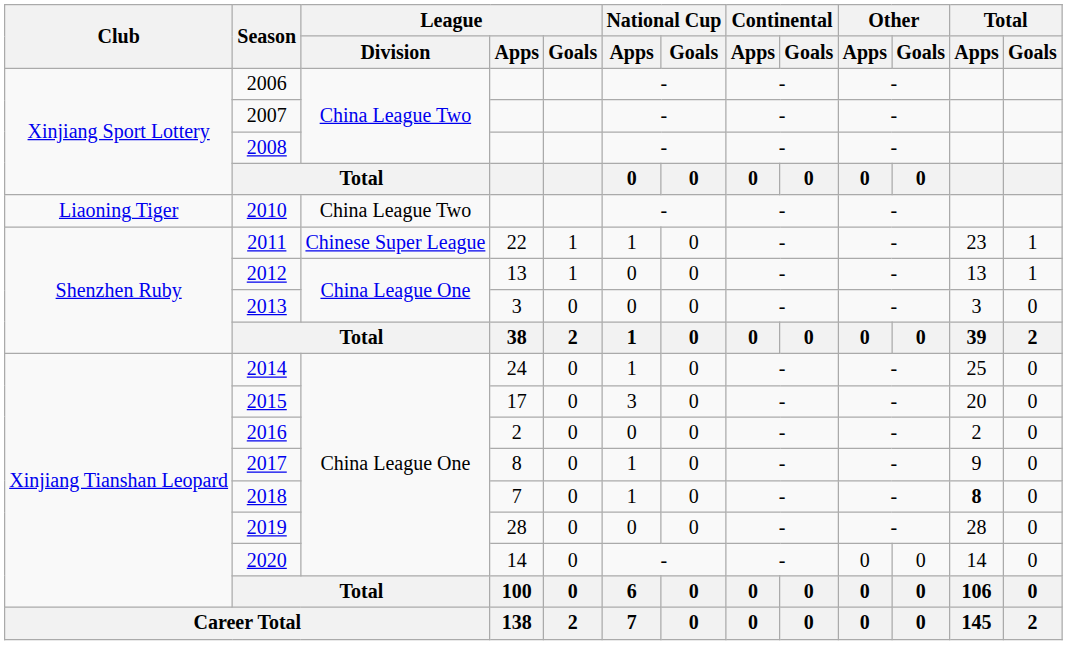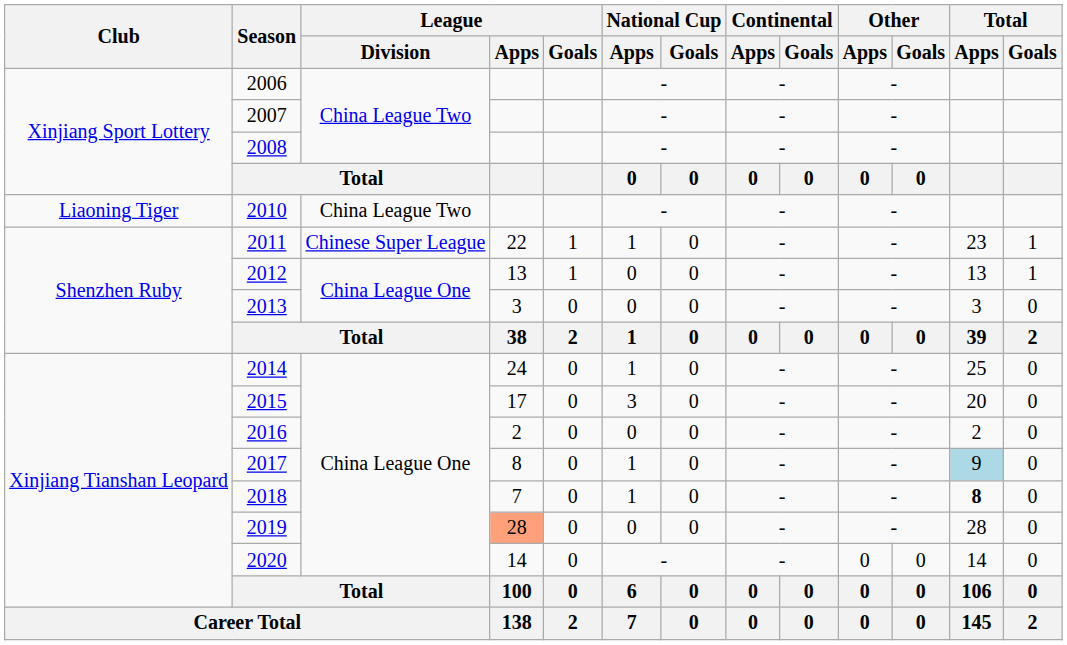 <table class="wikitable" style="text-align: center">
 <tr>
 <th rowspan="2">Club</th>
 <th rowspan="2">Season</th>
 <th colspan="3">League</th>
 <th colspan="2">National Cup</th>
 <th colspan="2">Continental</th>
 <th colspan="2">Other</th>
 <th colspan="2">Total</th>
 </tr>
 <tr>
 <th>Division</th>
 <th>Apps</th>
 <th>Goals</th>
 <th>Apps</th>
 <th>Goals</th>
 <th>Apps</th>
 <th>Goals</th>
 <th>Apps</th>
 <th>Goals</th>
 <th>Apps</th>
 <th>Goals</th>
 </tr>
 <tr>
 <td rowspan=4><a href='#'>Xinjiang Sport Lottery</a></td>
 <td>2006</td>
 <td rowspan=3><a href='#'>China League Two</a></td>
 <td></td>
 <td></td>
 <td colspan="2">-</td>
 <td colspan="2">-</td>
 <td colspan="2">-</td>
 <td></td>
 <td></td>
 </tr>
 <tr>
 <td>2007</td>
 <td></td>
 <td></td>
 <td colspan="2">-</td>
 <td colspan="2">-</td>
 <td colspan="2">-</td>
 <td></td>
 <td></td>
 </tr>
 <tr>
 <td><a href='#'>2008</a></td>
 <td></td>
 <td></td>
 <td colspan="2">-</td>
 <td colspan="2">-</td>
 <td colspan="2">-</td>
 <td></td>
 <td></td>
 </tr>
 <tr>
 <th colspan=2>Total</th>
 <th></th>
 <th></th>
 <th>0</th>
 <th>0</th>
 <th>0</th>
 <th>0</th>
 <th>0</th>
 <th>0</th>
 <th></th>
 <th></th>
 </tr>
 <tr>
 <td><a href='#'>Liaoning Tiger</a></td>
 <td><a href='#'>2010</a></td>
 <td>China League Two</td>
 <td></td>
 <td></td>
 <td colspan="2">-</td>
 <td colspan="2">-</td>
 <td colspan="2">-</td>
 <td></td>
 <td></td>
 </tr>
 <tr>
 <td rowspan=4><a href='#'>Shenzhen Ruby</a></td>
 <td><a href='#'>2011</a></td>
 <td><a href='#'>Chinese Super League</a></td>
 <td>22</td>
 <td>1</td>
 <td>1</td>
 <td>0</td>
 <td colspan="2">-</td>
 <td colspan="2">-</td>
 <td>23</td>
 <td>1</td>
 </tr>
 <tr>
 <td><a href='#'>2012</a></td>
 <td rowspan=2><a href='#'>China League One</a></td>
 <td>13</td>
 <td>1</td>
 <td>0</td>
 <td>0</td>
 <td colspan="2">-</td>
 <td colspan="2">-</td>
 <td>13</td>
 <td>1</td>
 </tr>
 <tr>
 <td><a href='#'>2013</a></td>
 <td>3</td>
 <td>0</td>
 <td>0</td>
 <td>0</td>
 <td colspan="2">-</td>
 <td colspan="2">-</td>
 <td>3</td>
 <td>0</td>
 </tr>
 <tr>
 <th colspan=2>Total</th>
 <th>38</th>
 <th>2</th>
 <th>1</th>
 <th>0</th>
 <th>0</th>
 <th>0</th>
 <th>0</th>
 <th>0</th>
 <th>39</th>
 <th>2</th>
 </tr>
 <tr>
 <td rowspan=8><a href='#'>Xinjiang Tianshan Leopard</a></td>
 <td><a href='#'>2014</a></td>
 <td rowspan=7>China League One</td>
 <td>24</td>
 <td>0</td>
 <td>1</td>
 <td>0</td>
 <td colspan="2">-</td>
 <td colspan="2">-</td>
 <td>25</td>
 <td>0</td>
 </tr>
 <tr>
 <td><a href='#'>2015</a></td>
 <td>17</td>
 <td>0</td>
 <td>3</td>
 <td>0</td>
 <td colspan="2">-</td>
 <td colspan="2">-</td>
 <td>20</td>
 <td>0</td>
 </tr>
 <tr>
 <td><a href='#'>2016</a></td>
 <td>2</td>
 <td>0</td>
 <td>0</td>
 <td>0</td>
 <td colspan="2">-</td>
 <td colspan="2">-</td>
 <td>2</td>
 <td>0</td>
 </tr>
 <tr>
 <td><a href='#'>2017</a></td>
 <td>8</td>
 <td>0</td>
 <td>1</td>
 <td>0</td>
 <td colspan="2">-</td>
 <td colspan="2">-</td>
-<td>9</td>
+<td style="background: lightblue;">9</td>
 <td>0</td>
 </tr>
 <tr>
 <td><a href='#'>2018</a></td>
 <td>7</td>
 <td>0</td>
 <td>1</td>
 <td>0</td>
 <td colspan="2">-</td>
 <td colspan="2">-</td>
 <td><strong>8</strong></td>
 <td>0</td>
 </tr>
 <tr>
 <td><a href='#'>2019</a></td>
-<td>28</td>
+<td style="background: lightsalmon;">28</td>
 <td>0</td>
 <td>0</td>
 <td>0</td>
 <td colspan="2">-</td>
 <td colspan="2">-</td>
 <td>28</td>
 <td>0</td>
 </tr>
 <tr>
 <td><a href='#'>2020</a></td>
 <td>14</td>
 <td>0</td>
 <td colspan="2">-</td>
 <td colspan="2">-</td>
 <td>0</td>
 <td>0</td>
 <td>14</td>
 <td>0</td>
 </tr>
 <tr>
 <th colspan=2>Total</th>
 <th>100</th>
 <th>0</th>
 <th>6</th>
 <th>0</th>
 <th>0</th>
 <th>0</th>
 <th>0</th>
 <th>0</th>
 <th>106</th>
 <th>0</th>
 </tr>
 <tr>
 <th colspan=3>Career Total</th>
 <th>138</th>
 <th>2</th>
 <th>7</th>
 <th>0</th>
 <th>0</th>
 <th>0</th>
 <th>0</th>
 <th>0</th>
 <th>145</th>
 <th>2</th>
 </tr>
 </table>
